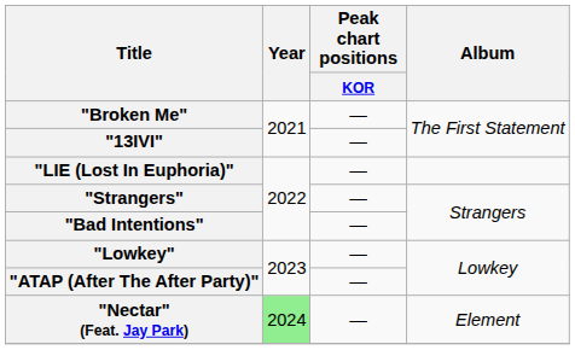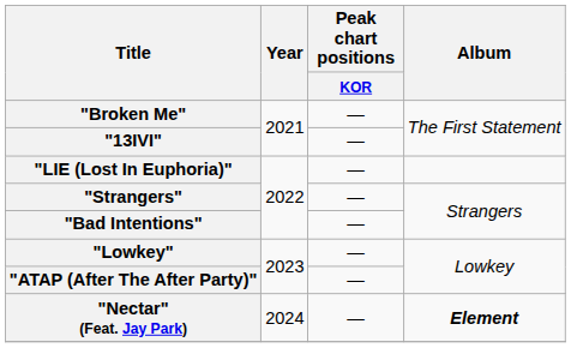 <table class="wikitable plainrowheaders" style="text-align:center">
 <tr>
 <th rowspan="2" scope="col">Title</th>
 <th rowspan="2" scope="col">Year</th>
 <th colspan="1" scope="col" style="width:5em;">Peak chart positions</th>
 <th rowspan="2">Album</th>
 </tr>
 <tr>
 <th><small><a href='#'>KOR</a></small></th>
 </tr>
 <tr>
 <th scope="row">"Broken Me"</th>
 <td rowspan="2">2021</td>
 <td>—</td>
 <td rowspan="2"><em>The First Statement</em></td>
 </tr>
 <tr>
 <th scope="row">"13IVI"</th>
 <td>—</td>
 </tr>
 <tr>
 <th scope="row">"LIE (Lost In Euphoria)"</th>
 <td rowspan="3">2022</td>
 <td>—</td>
 <td></td>
 </tr>
 <tr>
 <th scope="row">"Strangers"</th>
 <td>—</td>
 <td rowspan="2"><em>Strangers</em></td>
 </tr>
 <tr>
 <th scope="row">"Bad Intentions"</th>
 <td>—</td>
 </tr>
 <tr>
 <th scope="row">"Lowkey"</th>
 <td rowspan="2">2023</td>
 <td>—</td>
 <td rowspan="2"><em>Lowkey</em></td>
 </tr>
 <tr>
 <th scope="row">"ATAP (After The After Party)"</th>
 <td>—</td>
 </tr>
 <tr>
 <th scope="row">"Nectar" <br><small>(Feat. <a href='#'>Jay Park</a>)</small></th>
-<td rowspan="1" style="background: lightgreen;">2024</td>
+<td rowspan="1">2024</td>
 <td>—</td>
-<td><em>Element</em></td>
+<td><strong><em>Element</em></strong></td>
 </tr>
 <tr>
 </tr>
 </table>
